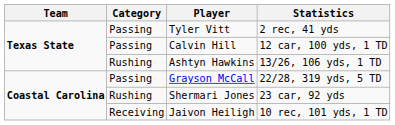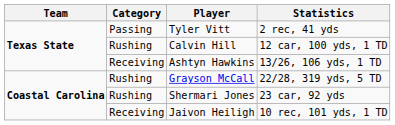 <table class="wikitable" style="float: left;">
 <tr>
 <th>Team</th>
 <th>Category</th>
 <th>Player</th>
 <th>Statistics</th>
 </tr>
 <tr>
 <td rowspan=3><strong>Texas State</strong></td>
 <td>Passing</td>
 <td>Tyler Vitt</td>
 <td>2 rec, 41 yds</td>
 </tr>
 <tr>
-<td>Passing</td>
+<td>Rushing</td>
 <td>Calvin Hill</td>
 <td>12 car, 100 yds, 1 TD</td>
 </tr>
 <tr>
-<td>Rushing</td>
+<td>Receiving</td>
 <td>Ashtyn Hawkins</td>
 <td>13/26, 106 yds, 1 TD</td>
 </tr>
 <tr>
 <td rowspan=3><strong>Coastal Carolina</strong></td>
-<td>Passing</td>
+<td>Rushing</td>
 <td><a href='#'>Grayson McCall</a></td>
 <td>22/28, 319 yds, 5 TD</td>
 </tr>
 <tr>
 <td>Rushing</td>
 <td>Shermari Jones</td>
 <td>23 car, 92 yds</td>
 </tr>
 <tr>
 <td>Receiving</td>
 <td>Jaivon Heiligh</td>
 <td>10 rec, 101 yds, 1 TD</td>
 </tr>
 </table>
